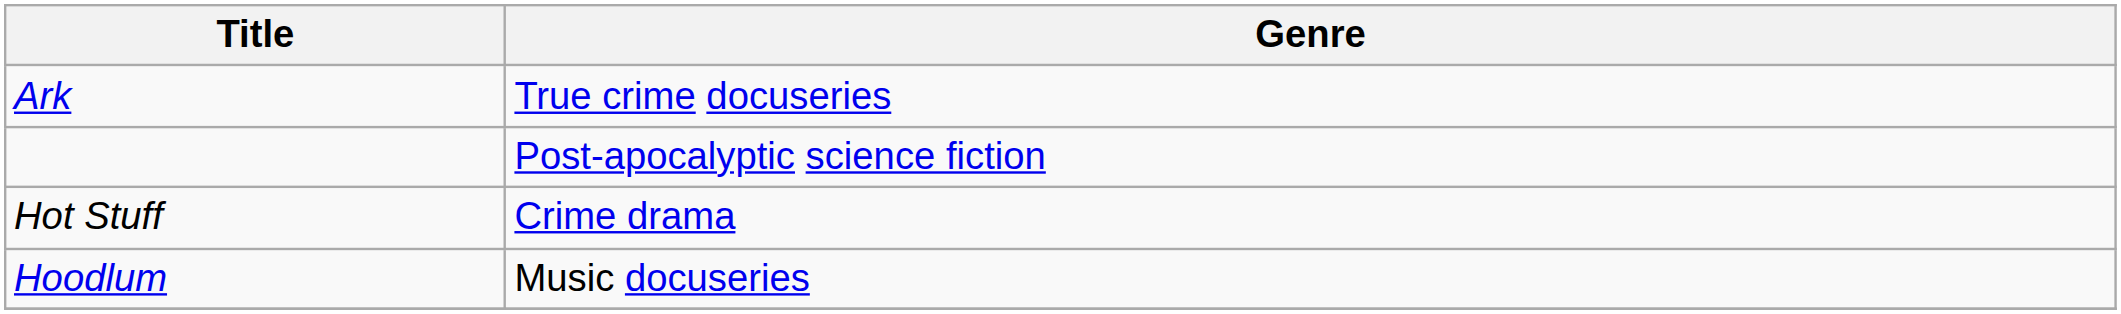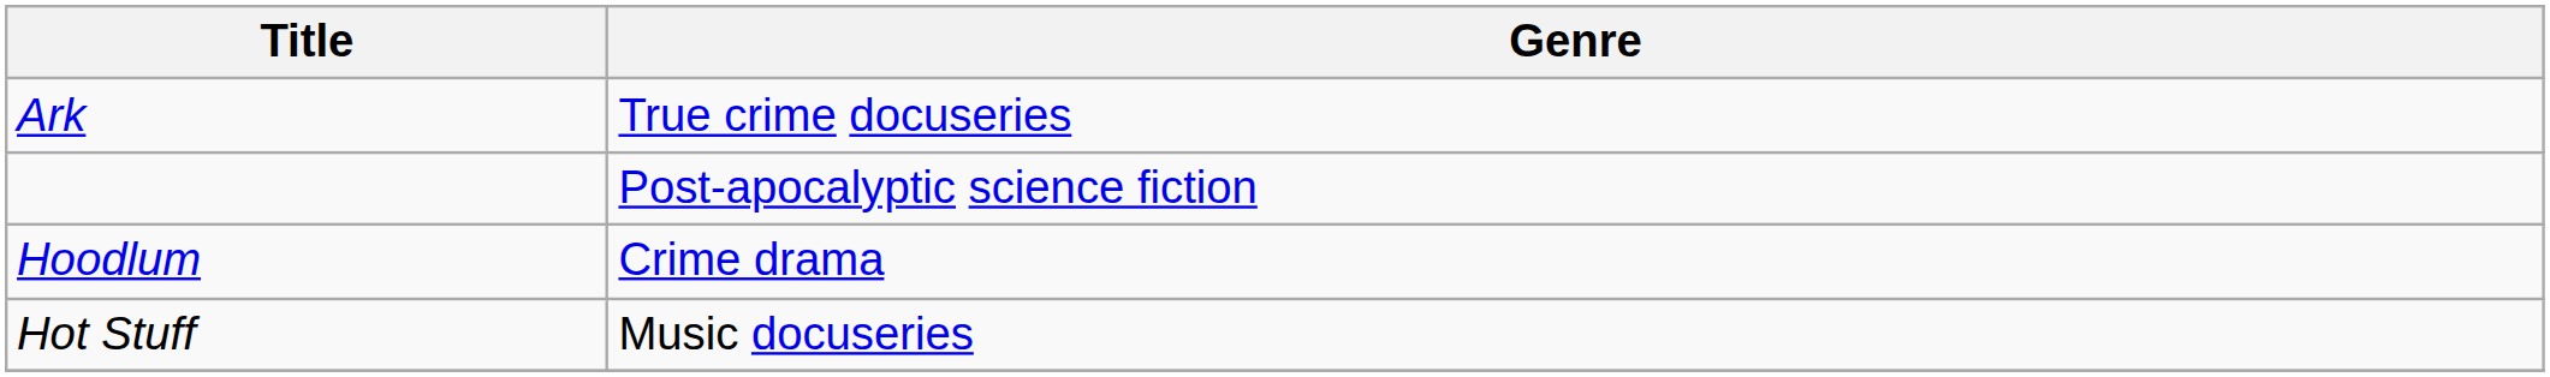 <table class="wikitable sortable" style="width:100%;">
 <tr>
 <th>Title</th>
 <th>Genre</th>
 </tr>
 <tr>
 <td><em><a href='#'>Ark</a></em></td>
 <td><a href='#'>True crime</a> <a href='#'>docuseries</a></td>
 </tr>
 <tr>
 <td><em></em></td>
 <td><a href='#'>Post-apocalyptic</a> <a href='#'>science fiction</a></td>
 </tr>
 <tr>
-<td><em>Hot Stuff</em></td>
+<td><em><a href='#'>Hoodlum</a></em></td>
 <td><a href='#'>Crime drama</a></td>
 </tr>
 <tr>
-<td><em><a href='#'>Hoodlum</a></em></td>
+<td><em>Hot Stuff</em></td>
 <td>Music <a href='#'>docuseries</a></td>
 </tr>
 <tr>
 </tr>
 </table>
